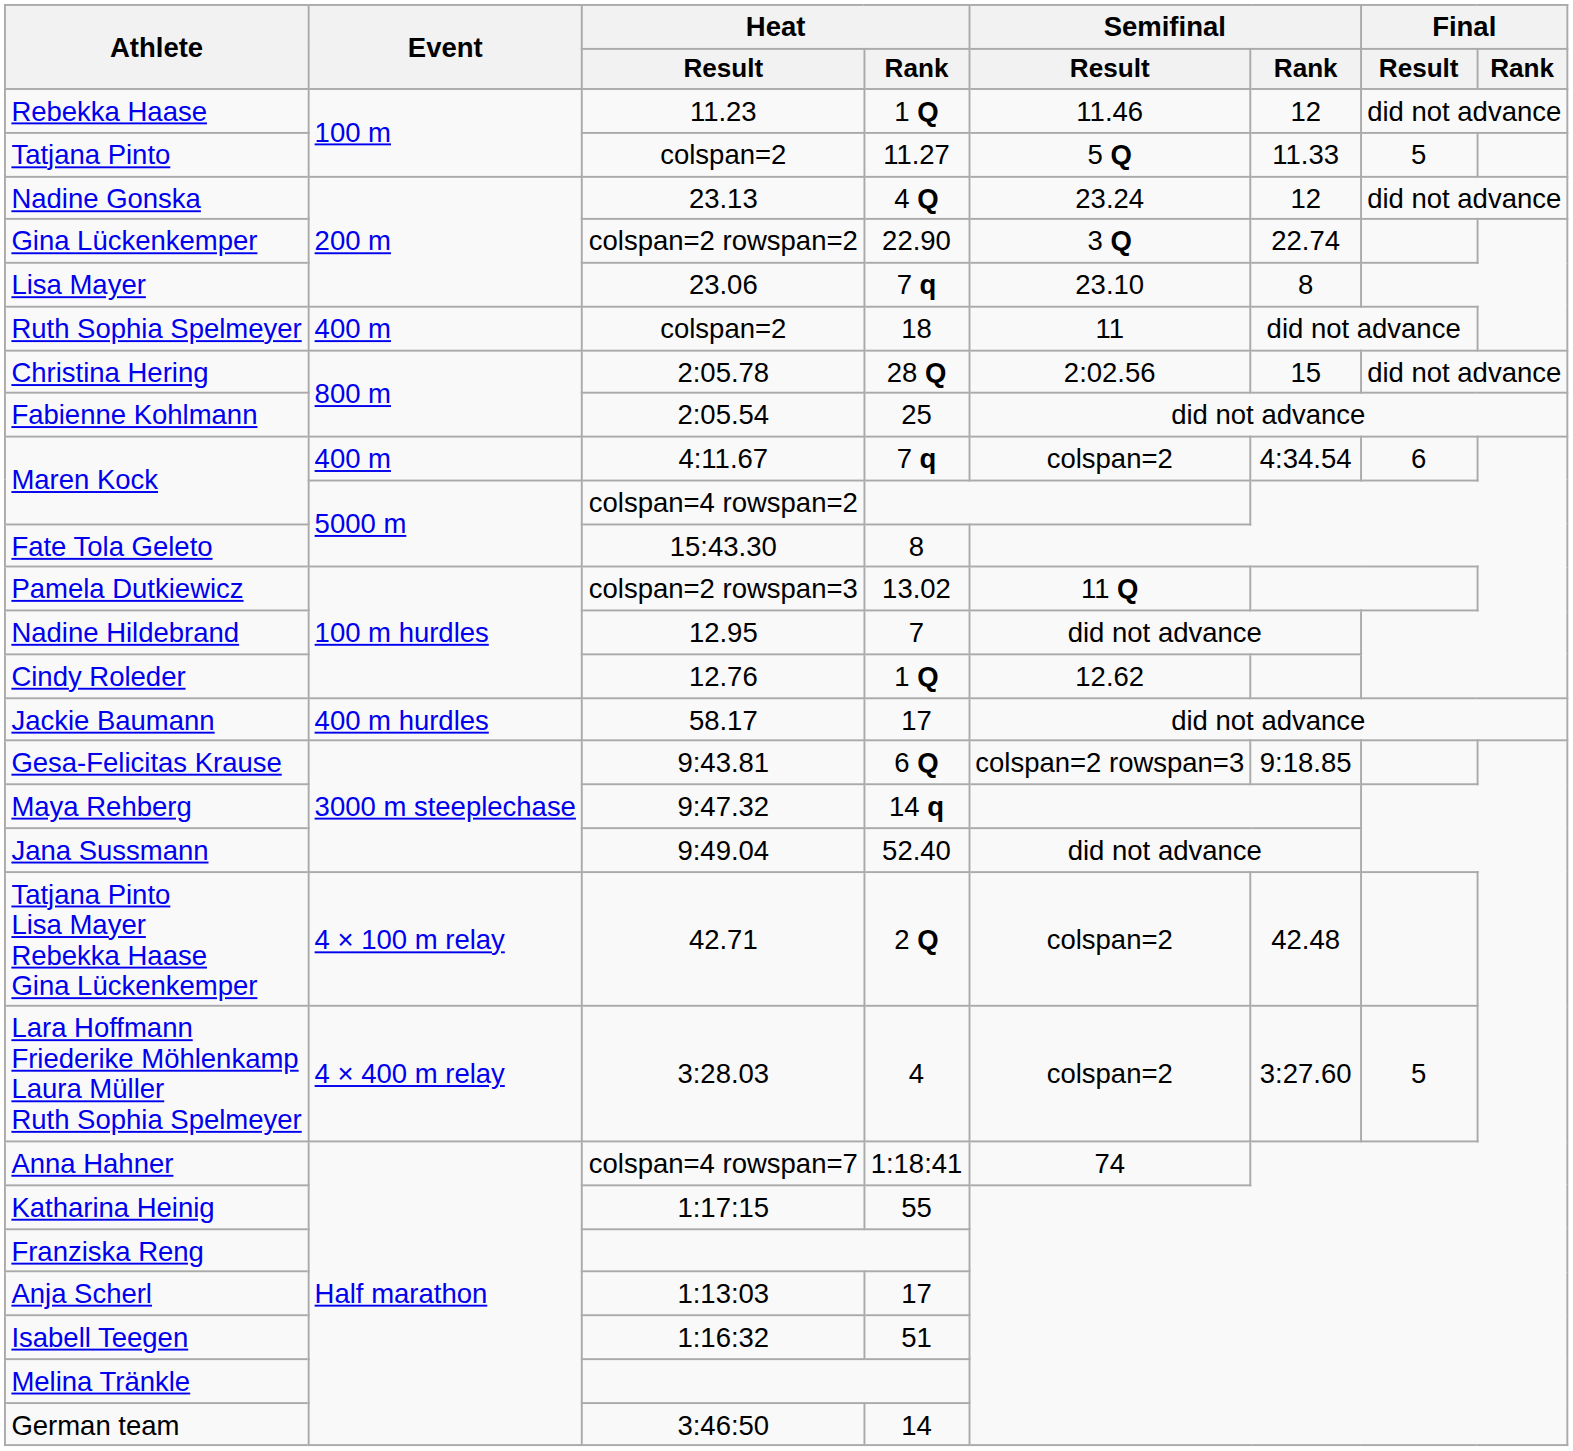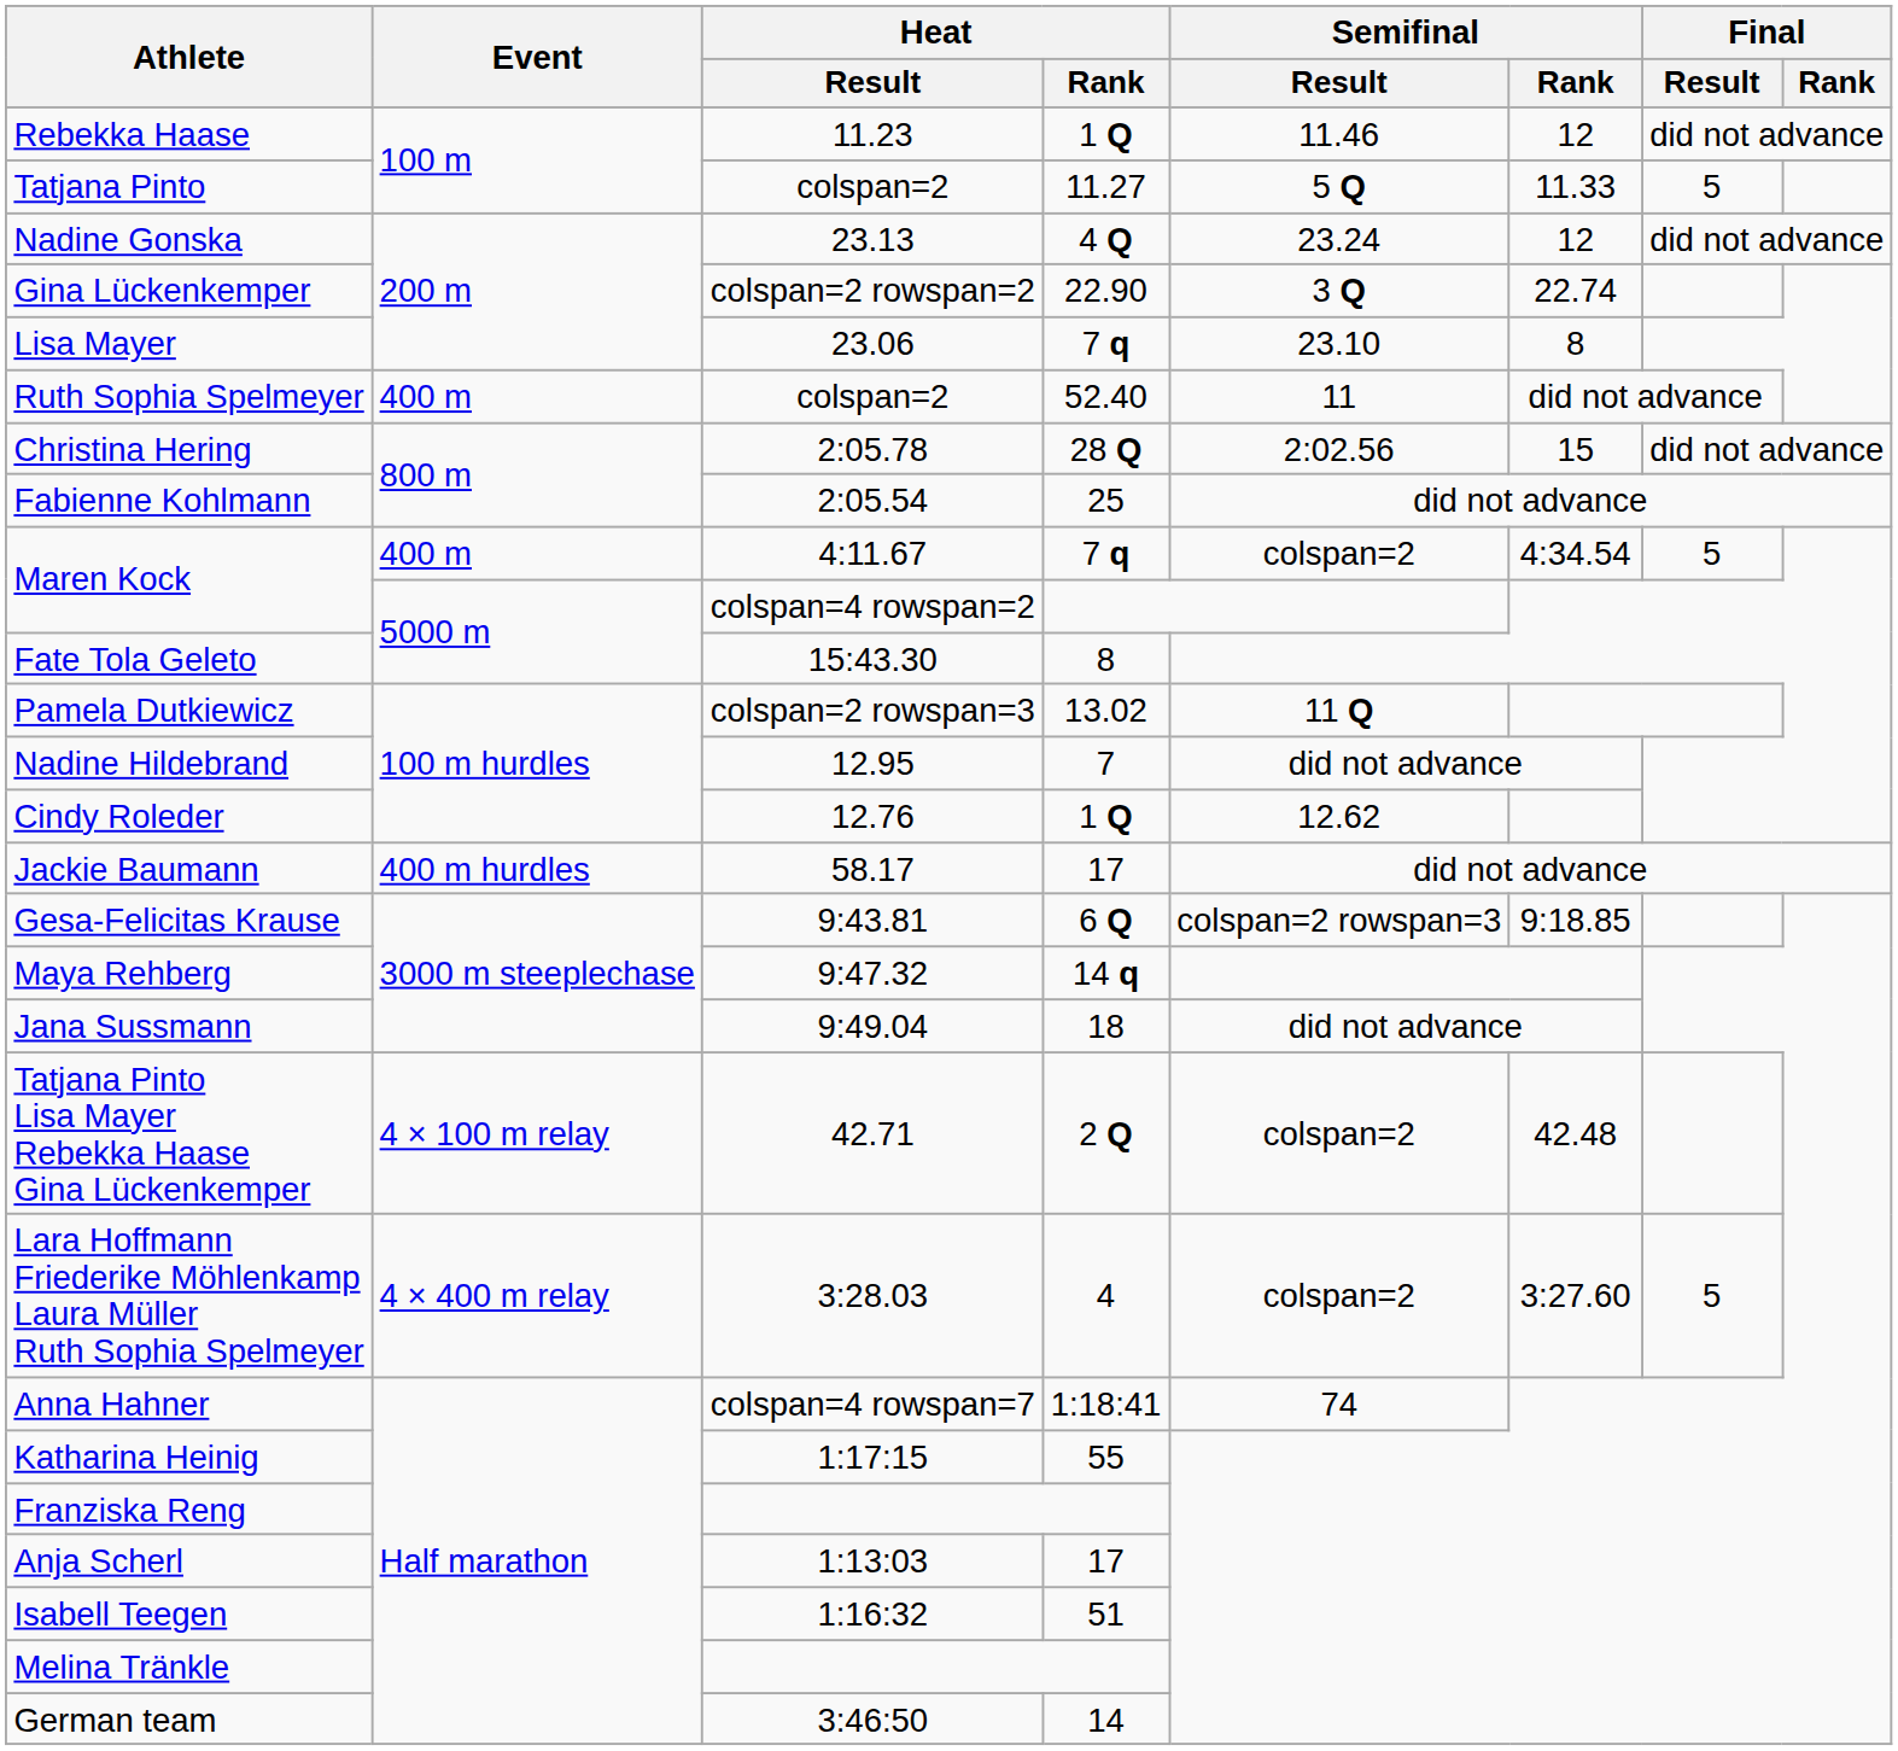 <table class="wikitable" style="font-size:90%">
 <tr>
 <th rowspan=2>Athlete</th>
 <th rowspan=2>Event</th>
 <th colspan=2>Heat</th>
 <th colspan=2>Semifinal</th>
 <th colspan=2>Final</th>
 </tr>
 <tr style="font-size:95%">
 <th>Result</th>
 <th>Rank</th>
 <th>Result</th>
 <th>Rank</th>
 <th>Result</th>
 <th>Rank</th>
 </tr>
 <tr align=center>
 <td align=left><a href='#'>Rebekka Haase</a></td>
 <td style="text-align:left;" rowspan="2"><a href='#'>100 m</a></td>
 <td>11.23</td>
 <td>1 <strong>Q</strong></td>
 <td>11.46</td>
 <td>12</td>
 <td colspan=2>did not advance</td>
 </tr>
 <tr align=center>
 <td align=left><a href='#'>Tatjana Pinto</a></td>
 <td>colspan=2 </td>
 <td>11.27</td>
 <td>5 <strong>Q</strong></td>
 <td>11.33</td>
 <td>5</td>
 </tr>
 <tr align=center>
 <td align=left><a href='#'>Nadine Gonska</a></td>
 <td style="text-align:left;" rowspan="3"><a href='#'>200 m</a></td>
 <td>23.13</td>
 <td>4 <strong>Q</strong></td>
 <td>23.24</td>
 <td>12</td>
 <td colspan=2>did not advance</td>
 </tr>
 <tr align=center>
 <td align=left><a href='#'>Gina Lückenkemper</a></td>
 <td>colspan=2 rowspan=2 </td>
 <td>22.90</td>
 <td>3 <strong>Q</strong></td>
 <td>22.74</td>
 <td></td>
 </tr>
 <tr align=center>
 <td align=left><a href='#'>Lisa Mayer</a></td>
 <td>23.06</td>
 <td>7 <strong>q</strong></td>
 <td>23.10</td>
 <td>8</td>
 </tr>
 <tr align=center>
 <td align=left><a href='#'>Ruth Sophia Spelmeyer</a></td>
 <td style="text-align:left;"><a href='#'>400 m</a></td>
 <td>colspan=2 </td>
-<td>18</td>
+<td>52.40</td>
 <td>11</td>
 <td colspan=2>did not advance</td>
 </tr>
 <tr align=center>
 <td align=left><a href='#'>Christina Hering</a></td>
 <td style="text-align:left;" rowspan="2"><a href='#'>800 m</a></td>
 <td>2:05.78</td>
 <td>28 <strong>Q</strong></td>
 <td>2:02.56</td>
 <td>15</td>
 <td colspan=2>did not advance</td>
 </tr>
 <tr align=center>
 <td align=left><a href='#'>Fabienne Kohlmann</a></td>
 <td>2:05.54</td>
 <td>25</td>
 <td colspan=4>did not advance</td>
 </tr>
 <tr align=center>
 <td align=left rowspan=2><a href='#'>Maren Kock</a></td>
 <td style="text-align:left;"><a href='#'>400 m</a></td>
 <td>4:11.67</td>
 <td>7 <strong>q</strong></td>
 <td>colspan=2 </td>
 <td>4:34.54</td>
-<td>6</td>
+<td>5</td>
 </tr>
 <tr align=center>
 <td style="text-align:left;" rowspan="2"><a href='#'>5000 m</a></td>
 <td>colspan=4 rowspan=2 </td>
 <td colspan=2></td>
 </tr>
 <tr align=center>
 <td align=left><a href='#'>Fate Tola Geleto</a></td>
 <td>15:43.30</td>
 <td>8</td>
 </tr>
 <tr align=center>
 <td align=left><a href='#'>Pamela Dutkiewicz</a></td>
 <td style="text-align:left;" rowspan="3"><a href='#'>100 m hurdles</a></td>
 <td>colspan=2 rowspan=3 </td>
 <td>13.02</td>
 <td>11 <strong>Q</strong></td>
 <td colspan=2></td>
 </tr>
 <tr align=center>
 <td align=left><a href='#'>Nadine Hildebrand</a></td>
 <td>12.95</td>
 <td>7</td>
 <td colspan=2>did not advance</td>
 </tr>
 <tr align=center>
 <td align=left><a href='#'>Cindy Roleder</a></td>
 <td>12.76 <strong></strong></td>
 <td>1 <strong>Q</strong></td>
 <td>12.62 <strong></strong></td>
 <td></td>
 </tr>
 <tr align=center>
 <td align=left><a href='#'>Jackie Baumann</a></td>
 <td style="text-align:left;"><a href='#'>400 m hurdles</a></td>
 <td>58.17</td>
 <td>17</td>
 <td colspan=4>did not advance</td>
 </tr>
 <tr align=center>
 <td align=left><a href='#'>Gesa-Felicitas Krause</a></td>
 <td style="text-align:left;" rowspan="3"><a href='#'>3000 m steeplechase</a></td>
 <td>9:43.81</td>
 <td>6 <strong>Q</strong></td>
 <td>colspan=2 rowspan=3 </td>
 <td>9:18.85 <strong></strong></td>
 <td></td>
 </tr>
 <tr align=center>
 <td align=left><a href='#'>Maya Rehberg</a></td>
 <td>9:47.32</td>
 <td>14 <strong>q</strong></td>
 <td colspan=2></td>
 </tr>
 <tr align=center>
 <td align=left><a href='#'>Jana Sussmann</a></td>
 <td>9:49.04</td>
-<td>52.40</td>
+<td>18</td>
 <td colspan=2>did not advance</td>
 </tr>
 <tr align="center">
 <td align=left><a href='#'>Tatjana Pinto</a><br><a href='#'>Lisa Mayer</a><br><a href='#'>Rebekka Haase</a><br><a href='#'>Gina Lückenkemper</a></td>
 <td align=left><a href='#'>4 × 100 m relay</a></td>
 <td>42.71</td>
 <td>2 <strong>Q</strong></td>
 <td>colspan=2 </td>
 <td>42.48</td>
 <td></td>
 </tr>
 <tr align=center>
 <td align=left><a href='#'>Lara Hoffmann</a><br><a href='#'>Friederike Möhlenkamp</a><br><a href='#'>Laura Müller</a><br><a href='#'>Ruth Sophia Spelmeyer</a></td>
 <td align=left><a href='#'>4 × 400 m relay</a></td>
 <td>3:28.03 <strong></strong></td>
 <td>4</td>
 <td>colspan=2 </td>
 <td>3:27.60 <strong></strong></td>
 <td>5</td>
 </tr>
 <tr align=center>
 <td align=left><a href='#'>Anna Hahner</a></td>
 <td style="text-align:left;" rowspan=7><a href='#'>Half marathon</a></td>
 <td>colspan=4 rowspan=7 </td>
 <td>1:18:41</td>
 <td>74</td>
 </tr>
 <tr align=center>
 <td align=left><a href='#'>Katharina Heinig</a></td>
 <td>1:17:15</td>
 <td>55</td>
 </tr>
 <tr align=center>
 <td align=left><a href='#'>Franziska Reng</a></td>
 <td colspan=2></td>
 </tr>
 <tr align=center>
 <td align=left><a href='#'>Anja Scherl</a></td>
 <td>1:13:03</td>
 <td>17</td>
 </tr>
 <tr align=center>
 <td align=left><a href='#'>Isabell Teegen</a></td>
 <td>1:16:32</td>
 <td>51</td>
 </tr>
 <tr align=center>
 <td align=left><a href='#'>Melina Tränkle</a></td>
 <td colspan=2></td>
 </tr>
 <tr align=center>
 <td align=left>German team</td>
 <td>3:46:50</td>
 <td>14</td>
 </tr>
 </table>
